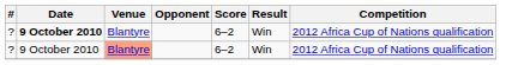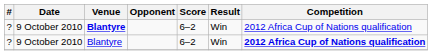 <table class="wikitable">
 <tr>
 <th>#</th>
 <th>Date</th>
 <th>Venue</th>
 <th>Opponent</th>
 <th>Score</th>
 <th>Result</th>
 <th>Competition</th>
 </tr>
 <tr>
 <td>?</td>
-<td><strong>9 October 2010</strong></td>
-<td><a href='#'>Blantyre</a></td>
+<td>9 October 2010</td>
+<td><strong><a href='#'>Blantyre</a></strong></td>
 <td></td>
 <td>6–2</td>
 <td>Win</td>
 <td><a href='#'>2012 Africa Cup of Nations qualification</a></td>
 </tr>
 <tr>
 <td>?</td>
 <td>9 October 2010</td>
-<td style="background: lightsalmon;"><a href='#'>Blantyre</a></td>
+<td><a href='#'>Blantyre</a></td>
 <td></td>
 <td>6–2</td>
 <td>Win</td>
-<td><a href='#'>2012 Africa Cup of Nations qualification</a></td>
+<td><strong><a href='#'>2012 Africa Cup of Nations qualification</a></strong></td>
 </tr>
 <tr>
 </tr>
 </table>
